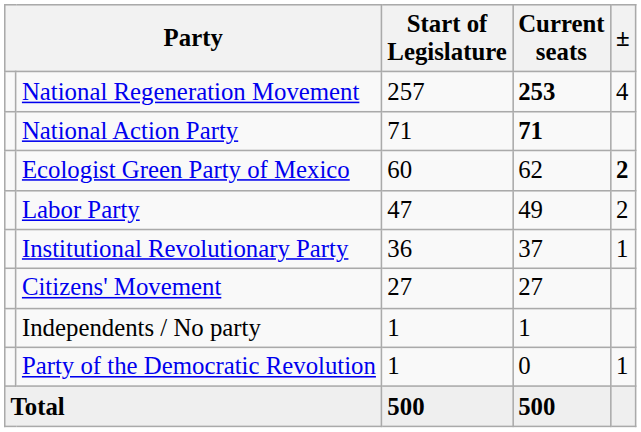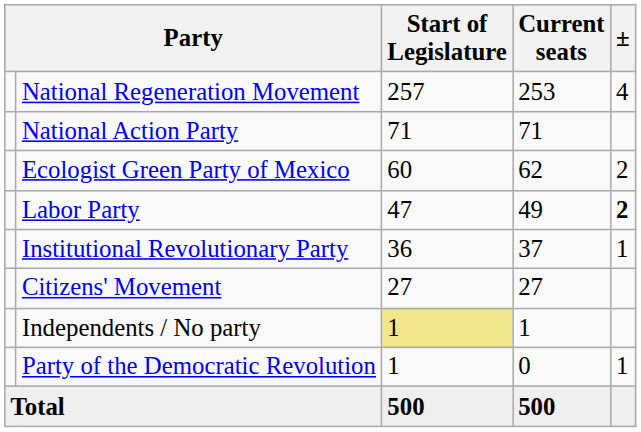 <table class="wikitable">
 <tr style="background:#efefef;">
 <th colspan="2"><strong>Party</strong></th>
 <th>Start of<br>Legislature</th>
 <th>Current<br>seats</th>
 <th>±</th>
 </tr>
 <tr>
 <td style="background:"></td>
 <td><a href='#'>National Regeneration Movement</a></td>
 <td>257</td>
-<td><strong>253</strong></td>
+<td>253</td>
 <td> 4</td>
 </tr>
 <tr>
 <td style="background:"></td>
 <td><a href='#'>National Action Party</a></td>
 <td>71</td>
-<td><strong>71</strong></td>
+<td>71</td>
 <td></td>
 </tr>
 <tr>
 <td style="background:"></td>
 <td><a href='#'>Ecologist Green Party of Mexico</a></td>
 <td>60</td>
 <td>62</td>
-<td><strong> 2</strong></td>
+<td> 2</td>
 </tr>
 <tr>
 <td style="background:"></td>
 <td><a href='#'>Labor Party</a></td>
 <td>47</td>
 <td>49</td>
-<td> 2</td>
+<td><strong> 2</strong></td>
 </tr>
 <tr>
 <td style="background:"></td>
 <td><a href='#'>Institutional Revolutionary Party</a></td>
 <td>36</td>
 <td>37</td>
 <td> 1</td>
 </tr>
 <tr>
 <td style="background:"></td>
 <td><a href='#'>Citizens' Movement</a></td>
 <td>27</td>
 <td>27</td>
 <td></td>
 </tr>
 <tr>
 <td style="background:"></td>
 <td>Independents / No party</td>
-<td>1</td>
+<td style="background: khaki;">1</td>
 <td>1</td>
 <td></td>
 </tr>
 <tr>
 <td style="background:"></td>
 <td><a href='#'>Party of the Democratic Revolution</a></td>
 <td>1</td>
 <td>0</td>
 <td> 1</td>
 </tr>
 <tr style="background:#efefef;">
 <td colspan="2"><strong>Total</strong></td>
 <td><strong>500</strong></td>
 <td><strong>500</strong></td>
 <td></td>
 </tr>
 </table>
